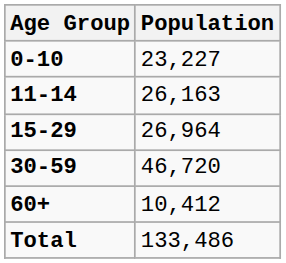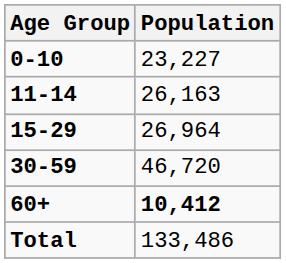 <table class="wikitable">
 <tr>
 <th>Age Group</th>
 <th>Population</th>
 </tr>
 <tr>
 <td><strong>0-10</strong></td>
 <td>23,227</td>
 </tr>
 <tr>
 <td><strong>11-14</strong></td>
 <td>26,163</td>
 </tr>
 <tr>
 <td><strong>15-29</strong></td>
 <td>26,964</td>
 </tr>
 <tr>
 <td><strong>30-59</strong></td>
 <td>46,720</td>
 </tr>
 <tr>
 <td><strong>60+</strong></td>
-<td>10,412</td>
+<td><strong>10,412</strong></td>
 </tr>
 <tr>
 <td><strong>Total</strong></td>
 <td>133,486</td>
 </tr>
 </table>
